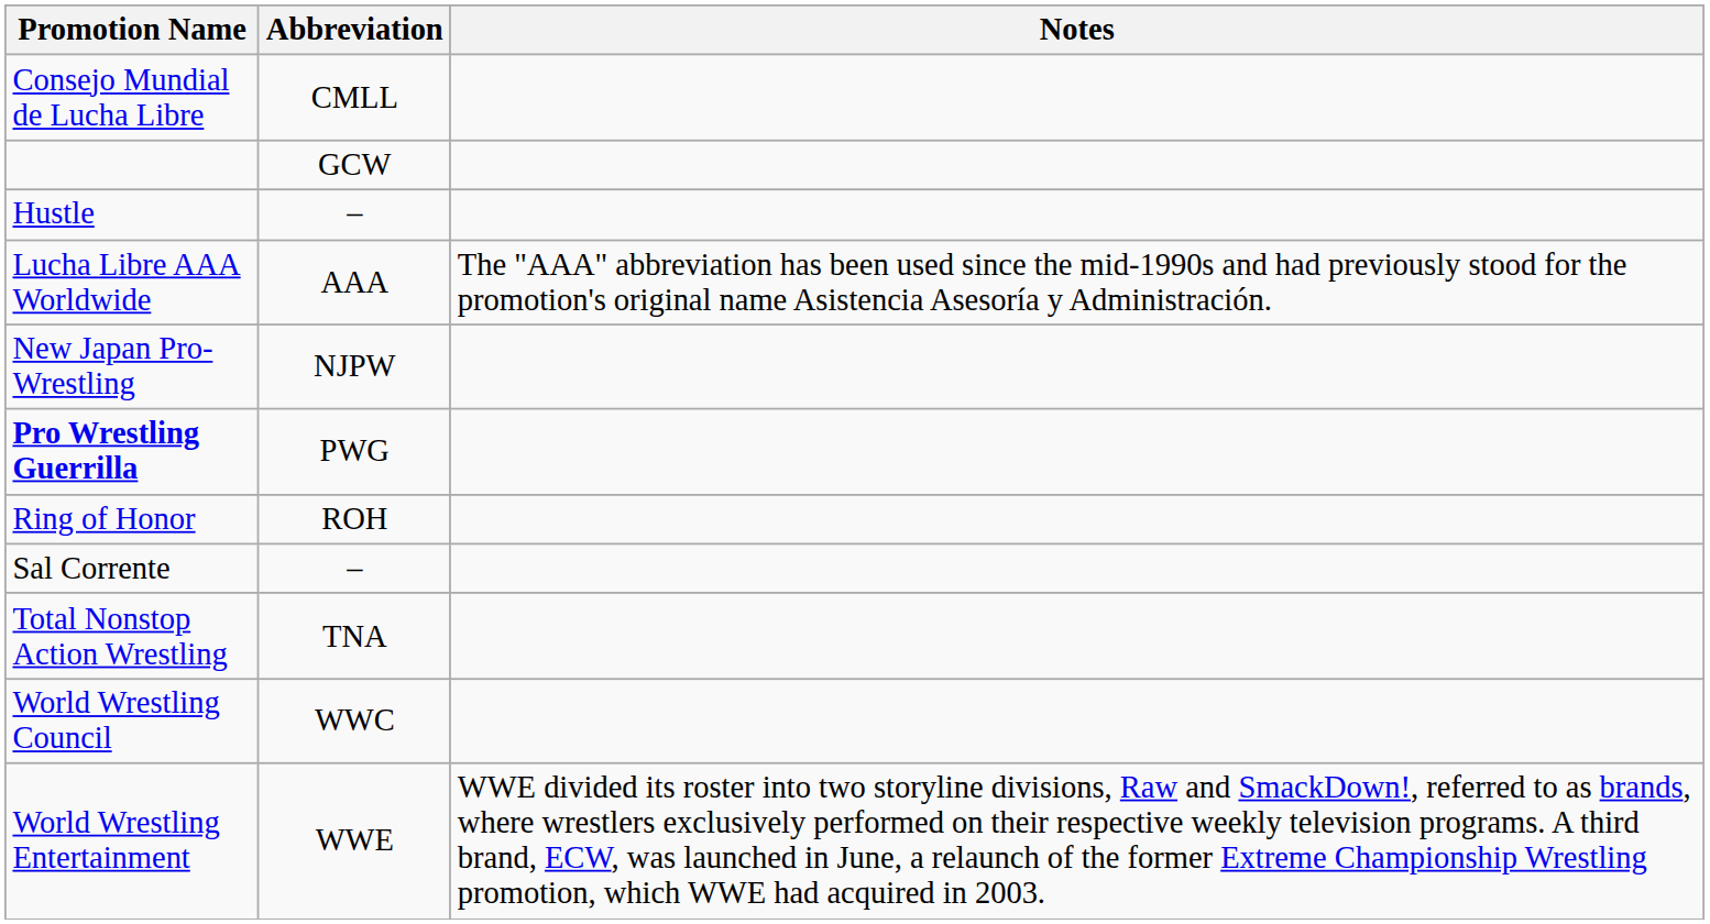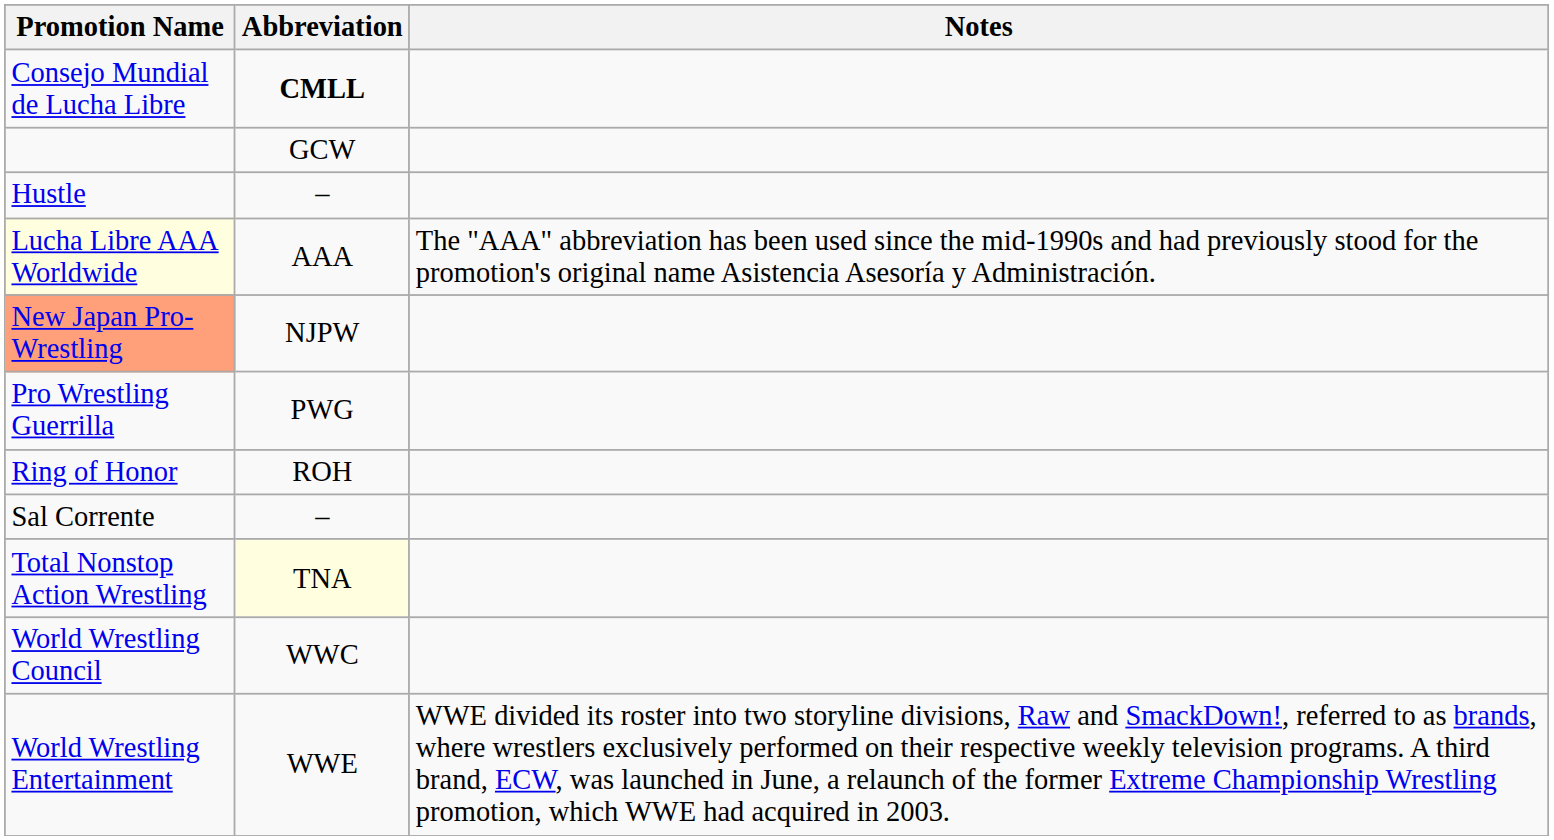 <table class="wikitable">
 <tr>
 <th>Promotion Name</th>
 <th>Abbreviation</th>
 <th>Notes</th>
 </tr>
 <tr>
 <td><a href='#'>Consejo Mundial de Lucha Libre</a></td>
-<td align=center>CMLL</td>
+<td align=center><strong>CMLL</strong></td>
 <td></td>
 </tr>
 <tr>
 <td></td>
 <td align=center>GCW</td>
 <td></td>
 </tr>
 <tr>
 <td><a href='#'>Hustle</a></td>
 <td align=center>–</td>
 <td></td>
 </tr>
 <tr>
-<td><a href='#'>Lucha Libre AAA Worldwide</a></td>
+<td style="background: lightyellow;"><a href='#'>Lucha Libre AAA Worldwide</a></td>
 <td align=center>AAA</td>
 <td>The "AAA" abbreviation has been used since the mid-1990s and had previously stood for the promotion's original name Asistencia Asesoría y Administración.</td>
 </tr>
 <tr>
-<td><a href='#'>New Japan Pro-Wrestling</a></td>
+<td style="background: lightsalmon;"><a href='#'>New Japan Pro-Wrestling</a></td>
 <td align=center>NJPW</td>
 <td></td>
 </tr>
 <tr>
-<td><strong><a href='#'>Pro Wrestling Guerrilla</a></strong></td>
+<td><a href='#'>Pro Wrestling Guerrilla</a></td>
 <td align=center>PWG</td>
 <td></td>
 </tr>
 <tr>
 <td><a href='#'>Ring of Honor</a></td>
 <td align=center>ROH</td>
 <td></td>
 </tr>
 <tr>
 <td>Sal Corrente</td>
 <td align=center>–</td>
 <td></td>
 </tr>
 <tr>
 <td><a href='#'>Total Nonstop Action Wrestling</a></td>
-<td align=center>TNA</td>
+<td align=center style="background: lightyellow;">TNA</td>
 <td></td>
 </tr>
 <tr>
 <td><a href='#'>World Wrestling Council</a></td>
 <td align=center>WWC</td>
 <td></td>
 </tr>
 <tr>
 <td><a href='#'>World Wrestling Entertainment</a></td>
 <td align=center>WWE</td>
 <td>WWE divided its roster into two storyline divisions, <a href='#'>Raw</a> and <a href='#'>SmackDown!</a>, referred to as <a href='#'>brands</a>, where wrestlers exclusively performed on their respective weekly television programs. A third brand, <a href='#'>ECW</a>, was launched in June, a relaunch of the former <a href='#'>Extreme Championship Wrestling</a> promotion, which WWE had acquired in 2003.</td>
 </tr>
 <tr>
 </tr>
 </table>
